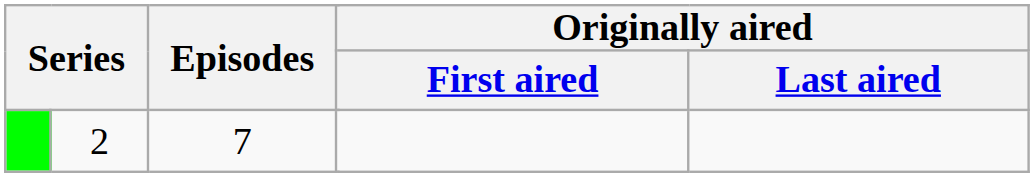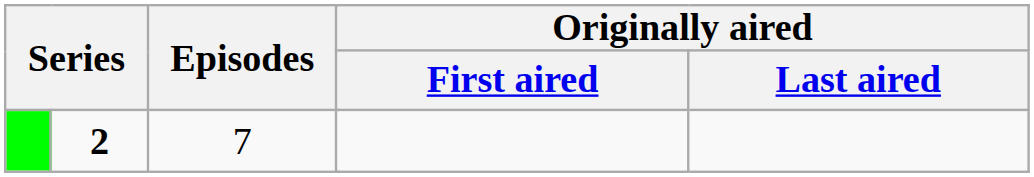 <table class="wikitable plainrowheaders" style="text-align:center;">
 <tr>
 <th scope="col" style="padding:0 9px;" rowspan="2" colspan="2">Series</th>
 <th scope="col" style="padding:0 9px;" colspan="2" rowspan="2">Episodes</th>
 <th scope="col" style="padding:0 90px;" colspan="2">Originally aired</th>
 </tr>
 <tr>
 <th scope="col"><a href='#'>First aired</a></th>
 <th scope="col"><a href='#'>Last aired</a></th>
 </tr>
 <tr>
 <td scope="row" style="background:#00FF00;"></td>
-<td>2</td>
+<td><strong>2</strong></td>
 <td colspan="2">7</td>
 <td></td>
 <td></td>
 </tr>
 </table>
